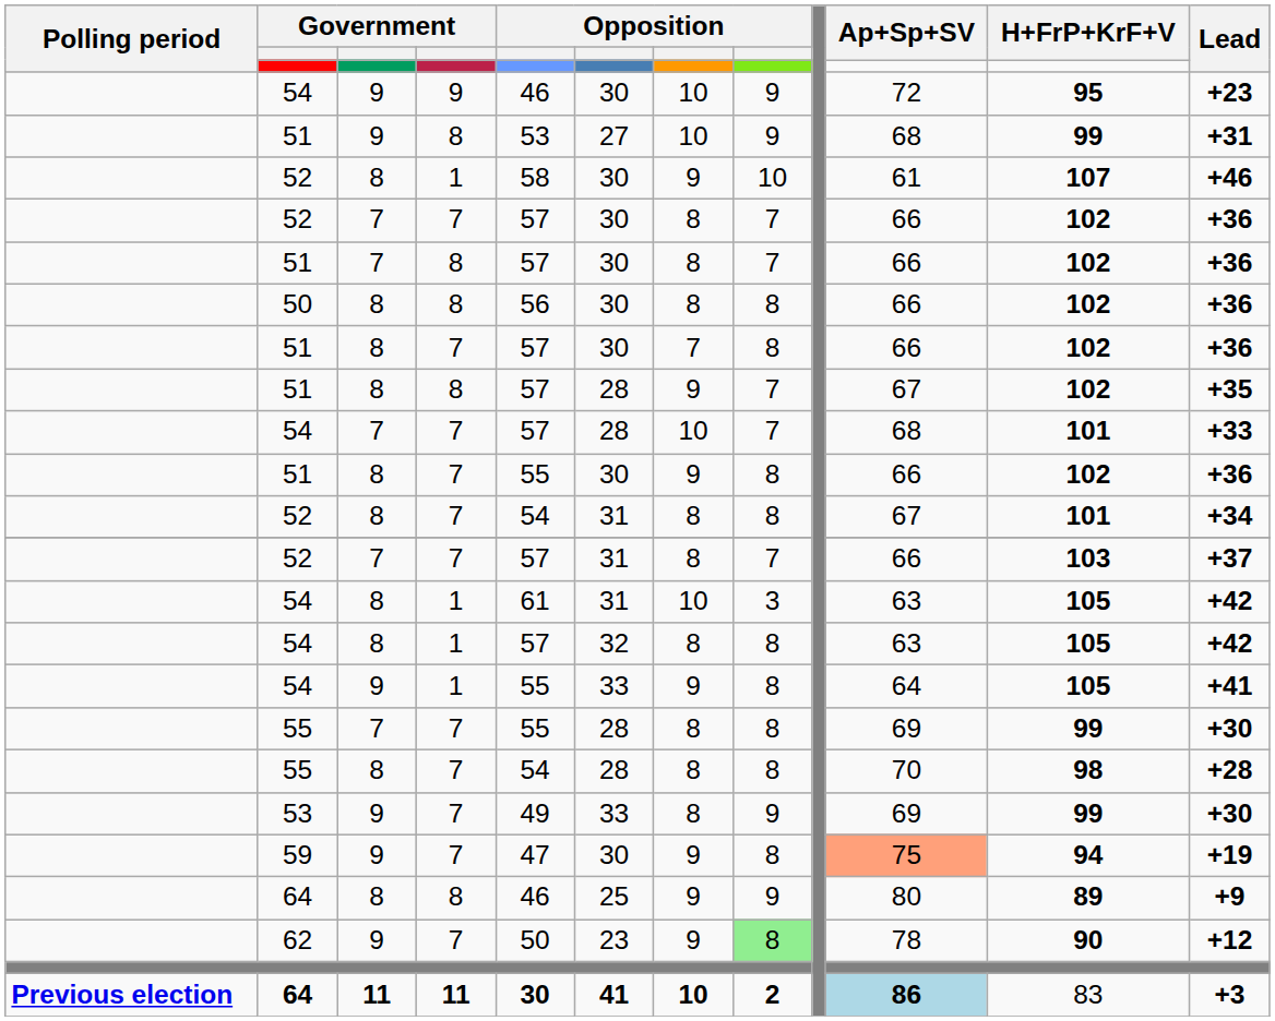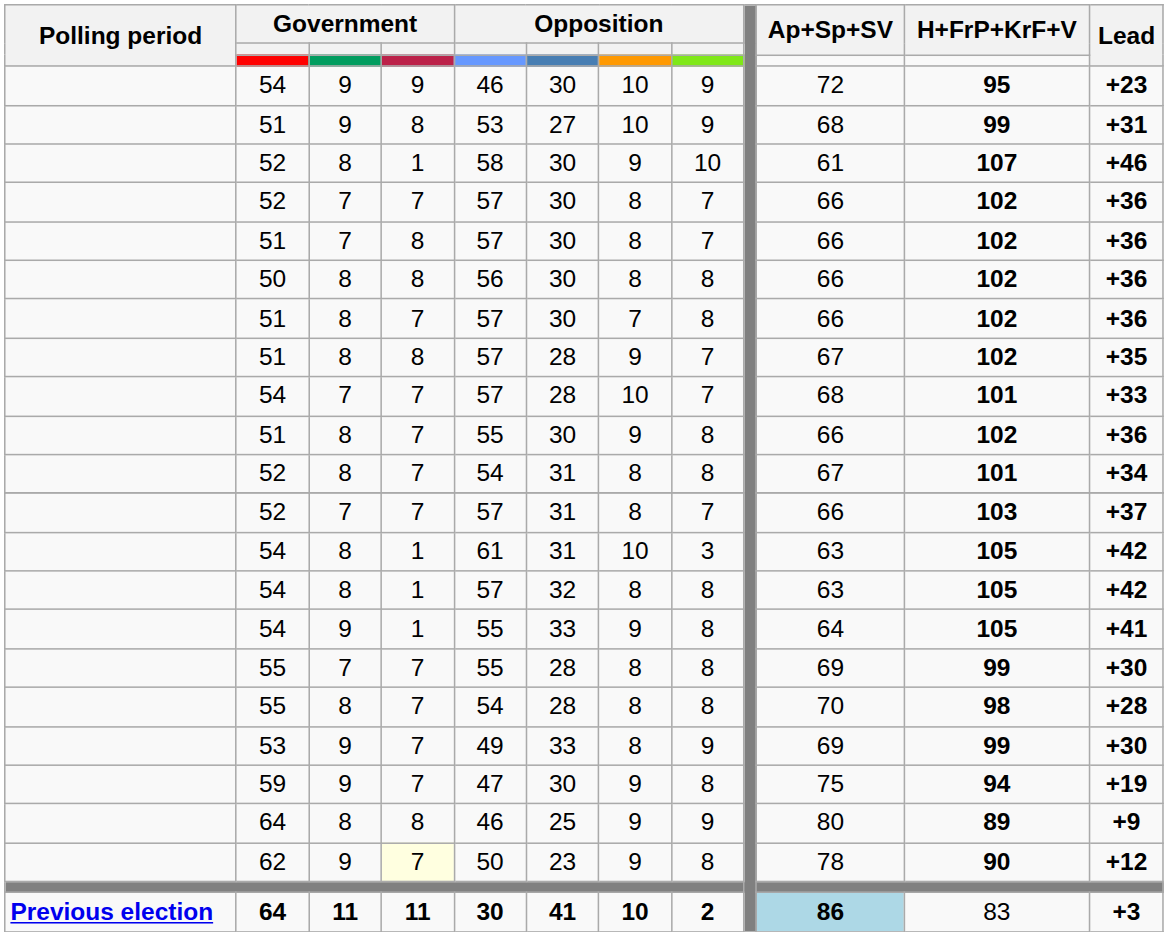 <table class="wikitable"  style="width:60%; text-align:center;">
 <tr>
 <th rowspan=3>Polling period</th>
 <th colspan=3>Government</th>
 <th colspan=4>Opposition</th>
 <td style="width:1px; background:gray;" rowspan="150"></td>
 <th rowspan=2>Ap+Sp+SV</th>
 <th rowspan=2>H+FrP+KrF+V</th>
 <th rowspan=3>Lead</th>
 </tr>
 <tr>
 <th width=40px></th>
 <th width=40px></th>
 <th width=40px></th>
 <th width=40px></th>
 <th width=40px></th>
 <th width=40px></th>
 <th width=40px></th>
 </tr>
 <tr>
 <td style="background:#f00;"></td>
 <td style="background:#009d5f;"></td>
 <td style="background:#bc2149;"></td>
 <td style="background:#6698ff;"></td>
 <td style="background:#477eb3;"></td>
 <td style="background:#f90;"></td>
 <td style="background:#7fe817;"></td>
 <td bgcolor=></td>
 <td bgcolor=></td>
 </tr>
 <tr>
 <td align=left></td>
 <td>54</td>
 <td>9</td>
 <td>9</td>
 <td>46</td>
 <td>30</td>
 <td>10</td>
 <td>9</td>
 <td>72</td>
 <td><strong>95</strong></td>
 <td bgcolor=><strong>+23</strong></td>
 </tr>
 <tr>
 <td align=left></td>
 <td>51</td>
 <td>9</td>
 <td>8</td>
 <td>53</td>
 <td>27</td>
 <td>10</td>
 <td>9</td>
 <td>68</td>
 <td><strong>99</strong></td>
 <td bgcolor=><strong>+31</strong></td>
 </tr>
 <tr>
 <td align=left></td>
 <td>52</td>
 <td>8</td>
 <td>1</td>
 <td>58</td>
 <td>30</td>
 <td>9</td>
 <td>10</td>
 <td>61</td>
 <td><strong>107</strong></td>
 <td bgcolor=><strong>+46</strong></td>
 </tr>
 <tr>
 <td align=left></td>
 <td>52</td>
 <td>7</td>
 <td>7</td>
 <td>57</td>
 <td>30</td>
 <td>8</td>
 <td>7</td>
 <td>66</td>
 <td><strong>102</strong></td>
 <td bgcolor=><strong>+36</strong></td>
 </tr>
 <tr>
 <td align=left></td>
 <td>51</td>
 <td>7</td>
 <td>8</td>
 <td>57</td>
 <td>30</td>
 <td>8</td>
 <td>7</td>
 <td>66</td>
 <td><strong>102</strong></td>
 <td bgcolor=><strong>+36</strong></td>
 </tr>
 <tr>
 <td align=left></td>
 <td>50</td>
 <td>8</td>
 <td>8</td>
 <td>56</td>
 <td>30</td>
 <td>8</td>
 <td>8</td>
 <td>66</td>
 <td><strong>102</strong></td>
 <td bgcolor=><strong>+36</strong></td>
 </tr>
 <tr>
 <td align=left></td>
 <td>51</td>
 <td>8</td>
 <td>7</td>
 <td>57</td>
 <td>30</td>
 <td>7</td>
 <td>8</td>
 <td>66</td>
 <td><strong>102</strong></td>
 <td bgcolor=><strong>+36</strong></td>
 </tr>
 <tr>
 <td align=left></td>
 <td>51</td>
 <td>8</td>
 <td>8</td>
 <td>57</td>
 <td>28</td>
 <td>9</td>
 <td>7</td>
 <td>67</td>
 <td><strong>102</strong></td>
 <td bgcolor=><strong>+35</strong></td>
 </tr>
 <tr>
 <td align=left></td>
 <td>54</td>
 <td>7</td>
 <td>7</td>
 <td>57</td>
 <td>28</td>
 <td>10</td>
 <td>7</td>
 <td>68</td>
 <td><strong>101</strong></td>
 <td bgcolor=><strong>+33</strong></td>
 </tr>
 <tr>
 <td align=left></td>
 <td>51</td>
 <td>8</td>
 <td>7</td>
 <td>55</td>
 <td>30</td>
 <td>9</td>
 <td>8</td>
 <td>66</td>
 <td><strong>102</strong></td>
 <td bgcolor=><strong>+36</strong></td>
 </tr>
 <tr>
 <td align=left></td>
 <td>52</td>
 <td>8</td>
 <td>7</td>
 <td>54</td>
 <td>31</td>
 <td>8</td>
 <td>8</td>
 <td>67</td>
 <td><strong>101</strong></td>
 <td bgcolor=><strong>+34</strong></td>
 </tr>
 <tr>
 </tr>
 <tr>
 <td align=left></td>
 <td>52</td>
 <td>7</td>
 <td>7</td>
 <td>57</td>
 <td>31</td>
 <td>8</td>
 <td>7</td>
 <td>66</td>
 <td><strong>103</strong></td>
 <td bgcolor=><strong>+37</strong></td>
 </tr>
 <tr>
 <td align=left></td>
 <td>54</td>
 <td>8</td>
 <td>1</td>
 <td>61</td>
 <td>31</td>
 <td>10</td>
 <td>3</td>
 <td>63</td>
 <td><strong>105</strong></td>
 <td bgcolor=><strong>+42</strong></td>
 </tr>
 <tr>
 <td align=left></td>
 <td>54</td>
 <td>8</td>
 <td>1</td>
 <td>57</td>
 <td>32</td>
 <td>8</td>
 <td>8</td>
 <td>63</td>
 <td><strong>105</strong></td>
 <td bgcolor=><strong>+42</strong></td>
 </tr>
 <tr>
 <td align=left></td>
 <td>54</td>
 <td>9</td>
 <td>1</td>
 <td>55</td>
 <td>33</td>
 <td>9</td>
 <td>8</td>
 <td>64</td>
 <td><strong>105</strong></td>
 <td bgcolor=><strong>+41</strong></td>
 </tr>
 <tr>
 <td align=left></td>
 <td>55</td>
 <td>7</td>
 <td>7</td>
 <td>55</td>
 <td>28</td>
 <td>8</td>
 <td>8</td>
 <td>69</td>
 <td><strong>99</strong></td>
 <td bgcolor=><strong>+30</strong></td>
 </tr>
 <tr>
 <td align=left></td>
 <td>55</td>
 <td>8</td>
 <td>7</td>
 <td>54</td>
 <td>28</td>
 <td>8</td>
 <td>8</td>
 <td>70</td>
 <td><strong>98</strong></td>
 <td bgcolor=><strong>+28</strong></td>
 </tr>
 <tr>
 <td align=left></td>
 <td>53</td>
 <td>9</td>
 <td>7</td>
 <td>49</td>
 <td>33</td>
 <td>8</td>
 <td>9</td>
 <td>69</td>
 <td><strong>99</strong></td>
 <td bgcolor=><strong>+30</strong></td>
 </tr>
 <tr>
 <td align=left></td>
 <td>59</td>
 <td>9</td>
 <td>7</td>
 <td>47</td>
 <td>30</td>
 <td>9</td>
 <td>8</td>
-<td style="background: lightsalmon;">75</td>
+<td>75</td>
 <td><strong>94</strong></td>
 <td bgcolor=><strong>+19</strong></td>
 </tr>
 <tr>
 <td align=left></td>
 <td>64</td>
 <td>8</td>
 <td>8</td>
 <td>46</td>
 <td>25</td>
 <td>9</td>
 <td>9</td>
 <td>80</td>
 <td><strong>89</strong></td>
 <td bgcolor=><strong>+9</strong></td>
 </tr>
 <tr>
 <td align=left></td>
 <td>62</td>
 <td>9</td>
-<td>7</td>
+<td style="background: lightyellow;">7</td>
 <td>50</td>
 <td>23</td>
 <td>9</td>
-<td style="background: lightgreen;">8</td>
+<td>8</td>
 <td>78</td>
 <td><strong>90</strong></td>
 <td bgcolor=><strong>+12</strong></td>
 </tr>
 <tr>
 <td style="background:gray;" colspan="15"></td>
 </tr>
 <tr>
 <td align=left><strong><a href='#'>Previous election</a></strong><br></td>
 <td><strong>64</strong></td>
 <td><strong>11</strong></td>
 <td><strong>11</strong></td>
 <td><strong>30</strong></td>
 <td><strong>41</strong></td>
 <td><strong>10</strong></td>
 <td><strong>2</strong></td>
 <td style="background: lightblue;"><strong>86</strong></td>
 <td>83</td>
 <td bgcolor=><strong>+3</strong></td>
 </tr>
 </table>
